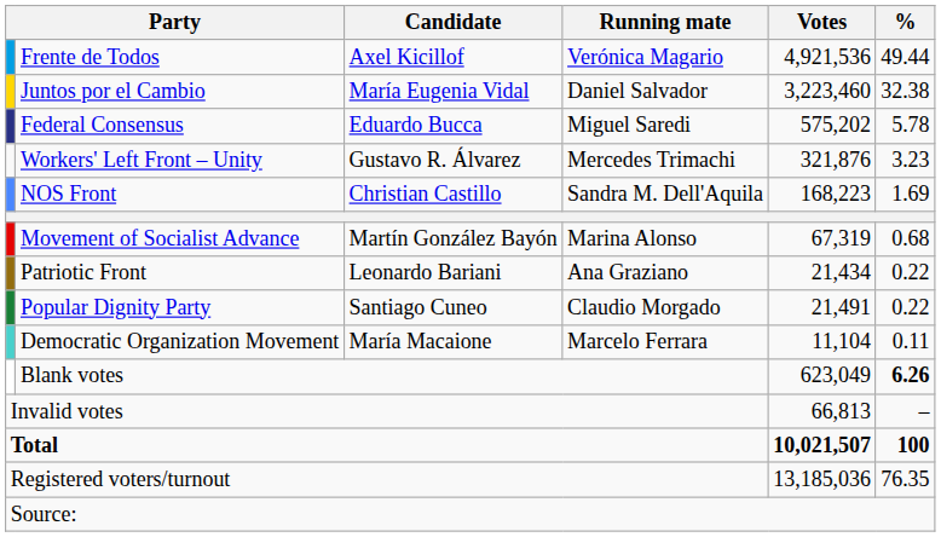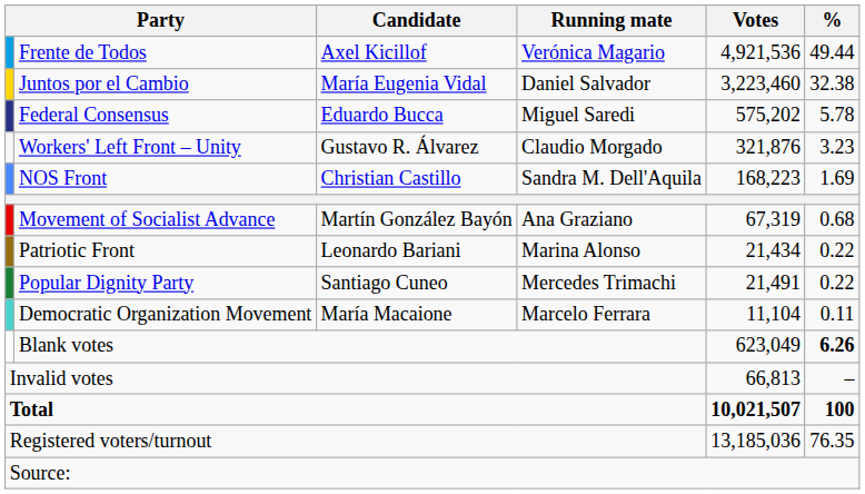 <table class="wikitable" style="text-align:right">
 <tr>
 <th colspan="2">Party</th>
 <th>Candidate</th>
 <th>Running mate</th>
 <th>Votes</th>
 <th>%</th>
 </tr>
 <tr>
 <td style="color:inherit;background:#009FE3"></td>
 <td align="left"><a href='#'>Frente de Todos</a></td>
 <td align="left"><a href='#'>Axel Kicillof</a></td>
 <td align="left"><a href='#'>Verónica Magario</a></td>
 <td>4,921,536</td>
 <td>49.44</td>
 </tr>
 <tr>
 <td style="color:inherit;background:#FFD700"></td>
 <td align="left"><a href='#'>Juntos por el Cambio</a></td>
 <td align="left"><a href='#'>María Eugenia Vidal</a></td>
 <td align="left">Daniel Salvador</td>
 <td>3,223,460</td>
 <td>32.38</td>
 </tr>
 <tr>
 <td style="color:inherit;background:#283084"></td>
 <td align="left"><a href='#'>Federal Consensus</a></td>
 <td align="left"><a href='#'>Eduardo Bucca</a></td>
 <td align="left">Miguel Saredi</td>
 <td>575,202</td>
 <td>5.78</td>
 </tr>
 <tr>
 <td></td>
 <td align="left"><a href='#'>Workers' Left Front – Unity</a></td>
 <td align="left">Gustavo R. Álvarez</td>
-<td align="left">Mercedes Trimachi</td>
+<td align="left">Claudio Morgado</td>
 <td>321,876</td>
 <td>3.23</td>
 </tr>
 <tr>
 <td style="color:inherit;background:#4A87FF"></td>
 <td align="left"><a href='#'>NOS Front</a></td>
 <td align="left"><a href='#'>Christian Castillo</a></td>
 <td align="left">Sandra M. Dell'Aquila</td>
 <td>168,223</td>
 <td>1.69</td>
 </tr>
 <tr>
 <th colspan="6"></th>
 </tr>
 <tr>
 <td style="color:inherit;background:#E50303"></td>
 <td align="left"><a href='#'>Movement of Socialist Advance</a></td>
 <td align="left">Martín González Bayón</td>
-<td align="left">Marina Alonso</td>
+<td align="left">Ana Graziano</td>
 <td>67,319</td>
 <td>0.68</td>
 </tr>
 <tr>
 <td style="color:inherit;background:#936d0f"></td>
 <td align="left">Patriotic Front</td>
 <td align="left">Leonardo Bariani</td>
-<td align="left">Ana Graziano</td>
+<td align="left">Marina Alonso</td>
 <td>21,434</td>
 <td>0.22</td>
 </tr>
 <tr>
 <td style="color:inherit;background:#187F36"></td>
 <td align="left"><a href='#'>Popular Dignity Party</a></td>
 <td align="left">Santiago Cuneo</td>
-<td align="left">Claudio Morgado</td>
+<td align="left">Mercedes Trimachi</td>
 <td>21,491</td>
 <td>0.22</td>
 </tr>
 <tr>
 <td style="color:inherit;background:#48D1CC"></td>
 <td align="left">Democratic Organization Movement</td>
 <td align="left">María Macaione</td>
 <td align="left">Marcelo Ferrara</td>
 <td>11,104</td>
 <td>0.11</td>
 </tr>
 <tr>
 <td style="color:inherit;background:#FFFFFF"></td>
 <td colspan="3" align="left">Blank votes</td>
 <td>623,049</td>
 <td><strong>6.26</strong></td>
 </tr>
 <tr>
 <td colspan="4" align="left">Invalid votes</td>
 <td>66,813</td>
 <td>–</td>
 </tr>
 <tr>
 <td colspan="4" align="left"><strong>Total</strong></td>
 <td><strong>10,021,507</strong></td>
 <td><strong>100</strong></td>
 </tr>
 <tr>
 <td colspan="4" align="left">Registered voters/turnout</td>
 <td>13,185,036</td>
 <td>76.35</td>
 </tr>
 <tr>
 <td colspan="6" align="left">Source: </td>
 </tr>
 </table>
